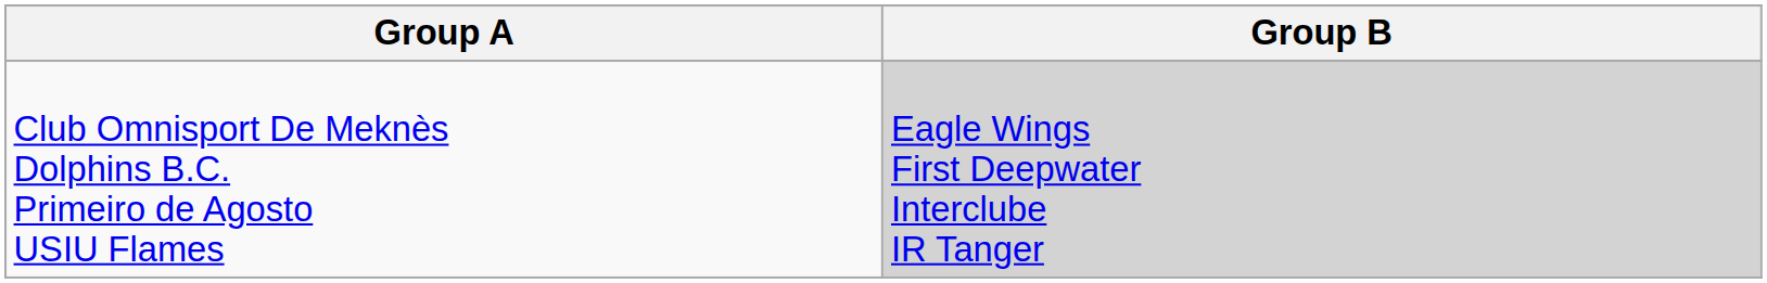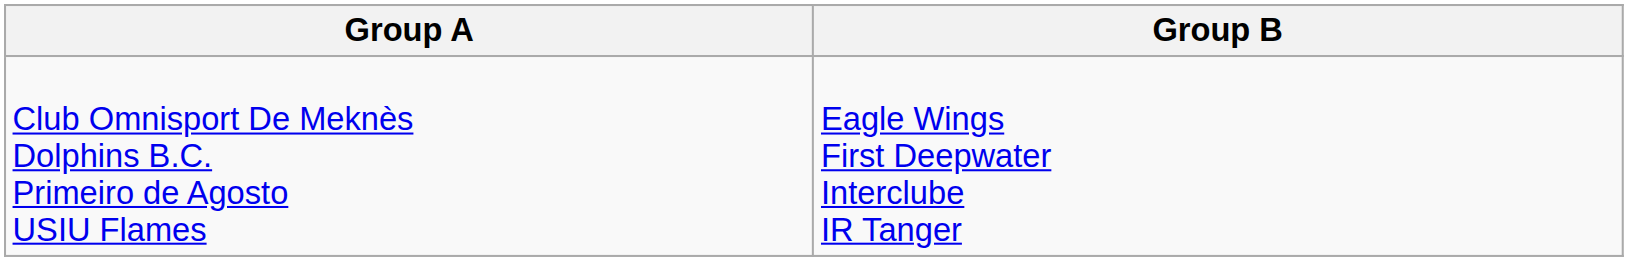 <table class="wikitable" width=40%>
 <tr>
 <th width=25%>Group A</th>
 <th width=25%>Group B</th>
 </tr>
 <tr>
 <td><br> <a href='#'>Club Omnisport De Meknès</a><br>  <a href='#'>Dolphins B.C.</a><br>  <a href='#'>Primeiro de Agosto</a><br>  <a href='#'>USIU Flames</a></td>
-<td style="background: lightgrey;"><br> <a href='#'>Eagle Wings</a><br>  <a href='#'>First Deepwater</a><br>  <a href='#'>Interclube</a><br>  <a href='#'>IR Tanger</a></td>
+<td><br> <a href='#'>Eagle Wings</a><br>  <a href='#'>First Deepwater</a><br>  <a href='#'>Interclube</a><br>  <a href='#'>IR Tanger</a></td>
 </tr>
 </table>
